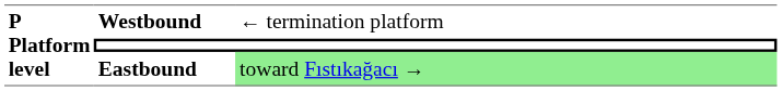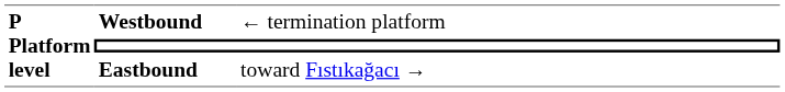 <table table border=0 cellspacing=0 cellpadding=3>
 <tr>
 <td style="border-top:solid 1px gray;border-bottom:solid 1px gray;" width=50 rowspan=3 valign=top><strong>P<br>Platform level</strong></td>
 <td style="border-top:solid 1px gray;" width=100><strong>Westbound</strong></td>
 <td style="border-top:solid 1px gray;" width=400>←  termination platform</td>
 </tr>
 <tr>
 <td style="border-top:solid 2px black;border-right:solid 2px black;border-left:solid 2px black;border-bottom:solid 2px black;text-align:center;" colspan=2></td>
 </tr>
 <tr>
 <td style="border-bottom:solid 1px gray;"><strong>Eastbound</strong></td>
-<td style="background: lightgreen; border-bottom:solid 1px gray;"> toward <a href='#'>Fıstıkağacı</a> →</td>
+<td style="border-bottom:solid 1px gray;"> toward <a href='#'>Fıstıkağacı</a> →</td>
 </tr>
 </table>
